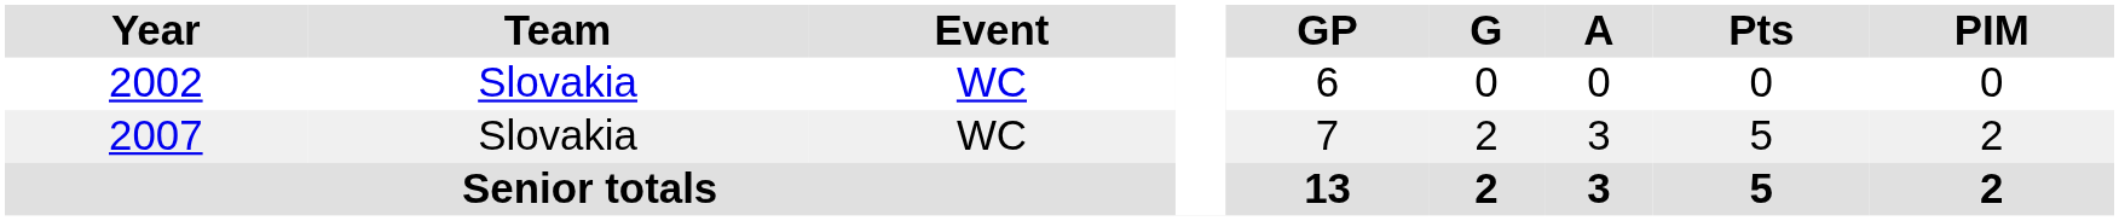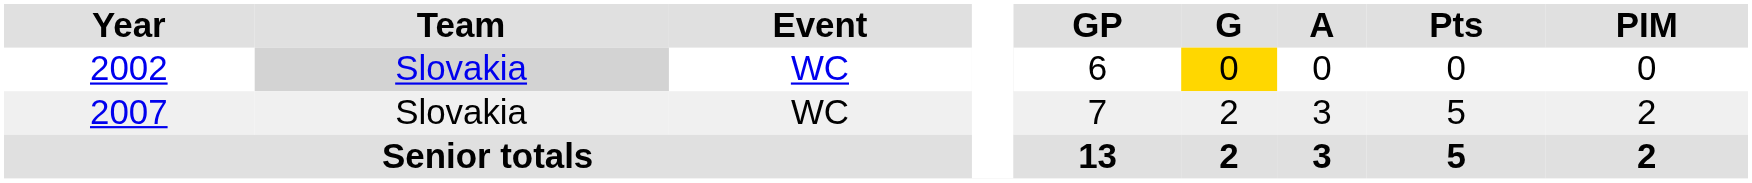 <table border="0" cellpadding="1" cellspacing="0" style="text-align:center; width:50em">
 <tr align="center" bgcolor="#e0e0e0">
 <th>Year</th>
 <th>Team</th>
 <th>Event</th>
 <th rowspan="99" bgcolor="#ffffff"> </th>
 <th>GP</th>
 <th>G</th>
 <th>A</th>
 <th>Pts</th>
 <th>PIM</th>
 </tr>
 <tr>
 <td><a href='#'>2002</a></td>
-<td><a href='#'>Slovakia</a></td>
+<td style="background: lightgrey;"><a href='#'>Slovakia</a></td>
 <td><a href='#'>WC</a></td>
 <td>6</td>
-<td>0</td>
+<td style="background: gold;">0</td>
 <td>0</td>
 <td>0</td>
 <td>0</td>
 </tr>
 <tr bgcolor="#f0f0f0">
 <td><a href='#'>2007</a></td>
 <td>Slovakia</td>
 <td>WC</td>
 <td>7</td>
 <td>2</td>
 <td>3</td>
 <td>5</td>
 <td>2</td>
 </tr>
 <tr bgcolor="#e0e0e0">
 <th colspan="3">Senior totals</th>
 <th>13</th>
 <th>2</th>
 <th>3</th>
 <th>5</th>
 <th>2</th>
 </tr>
 </table>
